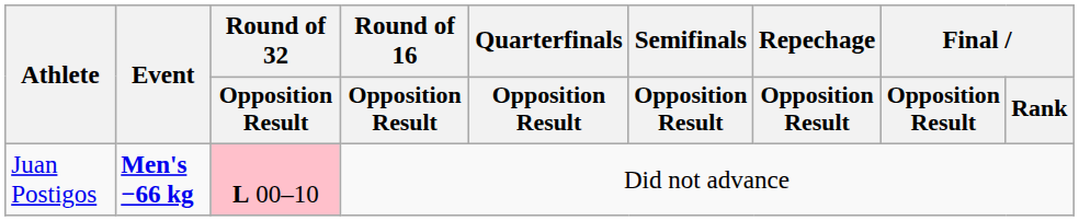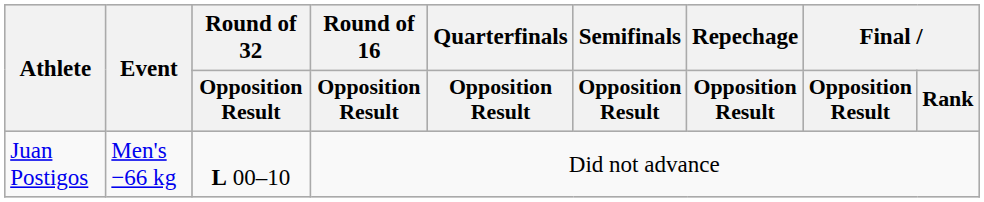 <table class="wikitable" style="font-size:90%">
 <tr>
 <th rowspan="2">Athlete</th>
 <th rowspan="2">Event</th>
 <th>Round of 32</th>
 <th>Round of 16</th>
 <th>Quarterfinals</th>
 <th>Semifinals</th>
 <th>Repechage</th>
 <th colspan=2>Final / </th>
 </tr>
 <tr style="font-size:95%">
 <th>Opposition<br>Result</th>
 <th>Opposition<br>Result</th>
 <th>Opposition<br>Result</th>
 <th>Opposition<br>Result</th>
 <th>Opposition<br>Result</th>
 <th>Opposition<br>Result</th>
 <th>Rank</th>
 </tr>
 <tr align=center>
 <td align=left><a href='#'>Juan Postigos</a></td>
-<td align=left><strong><a href='#'>Men's −66 kg</a></strong></td>
-<td style="background: pink;"><br><strong>L</strong> 00–10</td>
+<td align=left><a href='#'>Men's −66 kg</a></td>
+<td><br><strong>L</strong> 00–10</td>
 <td colspan=6>Did not advance</td>
 </tr>
 </table>
